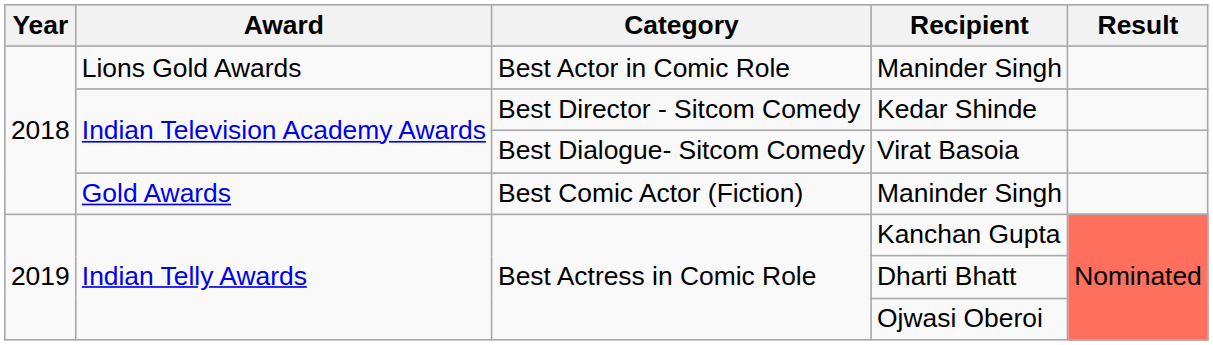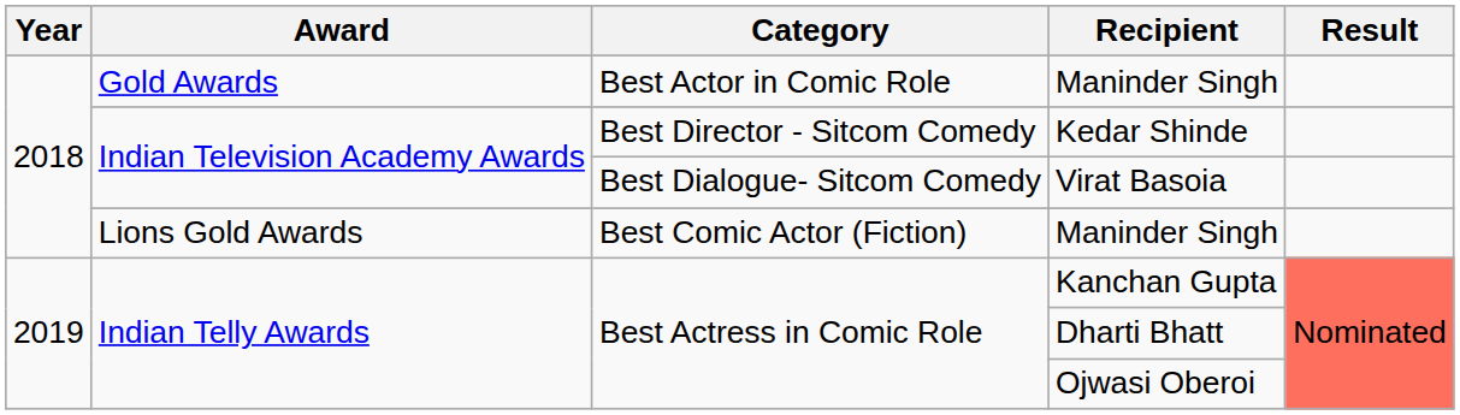 <table class="wikitable">
 <tr>
 <th>Year</th>
 <th>Award</th>
 <th>Category</th>
 <th>Recipient</th>
 <th>Result</th>
 </tr>
 <tr>
 <td rowspan="4">2018</td>
-<td>Lions Gold Awards</td>
+<td><a href='#'>Gold Awards</a></td>
 <td>Best Actor in Comic Role</td>
 <td>Maninder Singh</td>
 <td></td>
 </tr>
 <tr>
 <td rowspan="2"><a href='#'>Indian Television Academy Awards</a></td>
 <td>Best Director - Sitcom Comedy</td>
 <td>Kedar Shinde</td>
 <td></td>
 </tr>
 <tr>
 <td>Best Dialogue- Sitcom Comedy</td>
 <td>Virat Basoia</td>
 <td></td>
 </tr>
 <tr>
-<td><a href='#'>Gold Awards</a></td>
+<td>Lions Gold Awards</td>
 <td>Best Comic Actor (Fiction)</td>
 <td>Maninder Singh</td>
 <td></td>
 </tr>
 <tr>
 <td rowspan="3">2019</td>
 <td rowspan="3"><a href='#'>Indian Telly Awards</a></td>
 <td rowspan="3">Best Actress in Comic Role</td>
 <td>Kanchan Gupta</td>
 <td style="background:#FE6F5E" rowspan="3">Nominated</td>
 </tr>
 <tr>
 <td>Dharti Bhatt</td>
 </tr>
 <tr>
 <td>Ojwasi Oberoi</td>
 </tr>
 </table>
